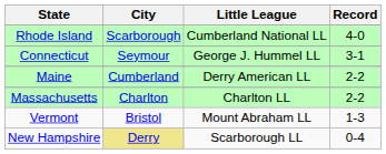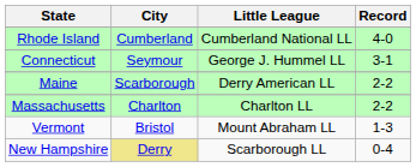 <table class="wikitable">
 <tr>
 <th>State</th>
 <th>City</th>
 <th>Little League</th>
 <th>Record</th>
 </tr>
 <tr>
 </tr>
 <tr bgcolor=#bbffbb>
 <td align=center> <a href='#'>Rhode Island</a></td>
-<td align=center><a href='#'>Scarborough</a></td>
+<td align=center><a href='#'>Cumberland</a></td>
 <td align=center>Cumberland National LL</td>
 <td align=center>4-0</td>
 </tr>
 <tr>
 </tr>
 <tr bgcolor=#bbffbb>
 <td align=center> <a href='#'>Connecticut</a></td>
 <td align=center><a href='#'>Seymour</a></td>
 <td align=center>George J. Hummel LL</td>
 <td align=center>3-1</td>
 </tr>
 <tr>
 </tr>
 <tr bgcolor=#bbffbb>
 <td align=center> <a href='#'>Maine</a></td>
-<td align=center><a href='#'>Cumberland</a></td>
+<td align=center><a href='#'>Scarborough</a></td>
 <td align=center>Derry American LL</td>
 <td align=center>2-2</td>
 </tr>
 <tr>
 </tr>
 <tr bgcolor=#bbffbb>
 <td align=center> <a href='#'>Massachusetts</a></td>
 <td align=center><a href='#'>Charlton</a></td>
 <td align=center>Charlton LL</td>
 <td align=center>2-2</td>
 </tr>
 <tr>
 <td align=center> <a href='#'>Vermont</a></td>
 <td align=center><a href='#'>Bristol</a></td>
 <td align=center>Mount Abraham LL</td>
 <td align=center>1-3</td>
 </tr>
 <tr>
 <td align=center> <a href='#'>New Hampshire</a></td>
 <td align=center style="background: khaki;"><a href='#'>Derry</a></td>
 <td align=center>Scarborough LL</td>
 <td align=center>0-4</td>
 </tr>
 </table>
